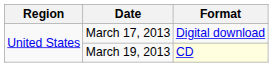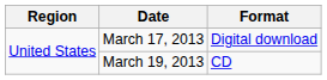 <table class="wikitable">
 <tr>
 <th>Region</th>
 <th>Date</th>
 <th>Format</th>
 </tr>
 <tr>
 <td rowspan="2"><a href='#'>United States</a></td>
 <td>March 17, 2013</td>
 <td><a href='#'>Digital download</a></td>
 </tr>
 <tr>
 <td>March 19, 2013</td>
-<td style="background: lightyellow;"><a href='#'>CD</a></td>
+<td><a href='#'>CD</a></td>
 </tr>
 </table>
